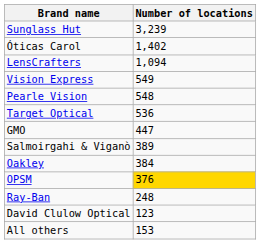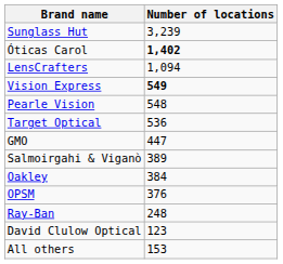 <table class="wikitable">
 <tr>
 <th>Brand name</th>
 <th>Number of locations</th>
 </tr>
 <tr>
 <td><a href='#'>Sunglass Hut</a></td>
 <td>3,239</td>
 </tr>
 <tr>
 <td>Óticas Carol</td>
-<td>1,402</td>
+<td><strong>1,402</strong></td>
 </tr>
 <tr>
 <td><a href='#'>LensCrafters</a></td>
 <td>1,094</td>
 </tr>
 <tr>
 <td><a href='#'>Vision Express</a></td>
-<td>549</td>
+<td><strong>549</strong></td>
 </tr>
 <tr>
 <td><a href='#'>Pearle Vision</a></td>
 <td>548</td>
 </tr>
 <tr>
 <td><a href='#'>Target Optical</a></td>
 <td>536</td>
 </tr>
 <tr>
 <td>GMO</td>
 <td>447</td>
 </tr>
 <tr>
 <td>Salmoirgahi & Viganò</td>
 <td>389</td>
 </tr>
 <tr>
 <td><a href='#'>Oakley</a></td>
 <td>384</td>
 </tr>
 <tr>
 <td><a href='#'>OPSM</a></td>
-<td style="background: gold;">376</td>
+<td>376</td>
 </tr>
 <tr>
 <td><a href='#'>Ray-Ban</a></td>
 <td>248</td>
 </tr>
 <tr>
 <td>David Clulow Optical</td>
 <td>123</td>
 </tr>
 <tr>
 <td>All others</td>
 <td>153</td>
 </tr>
 </table>
